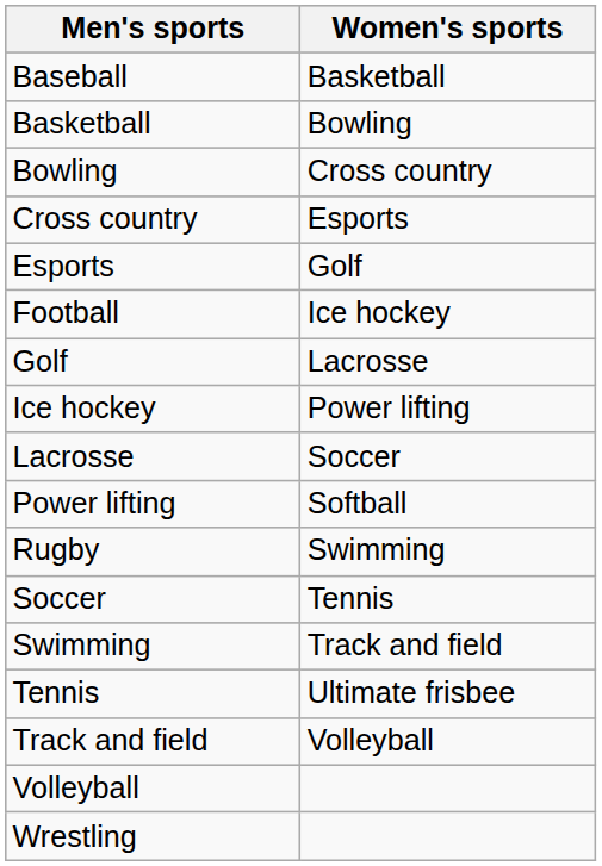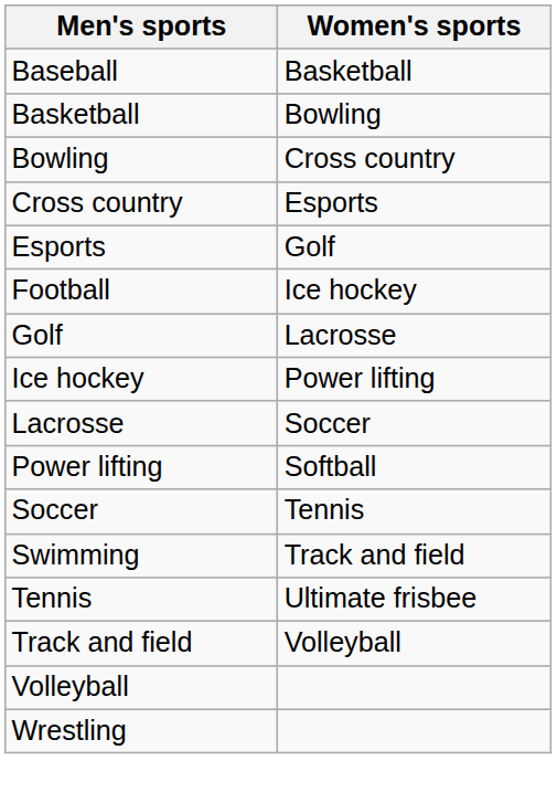 <table class="wikitable"; style= "text-align: ">
 <tr>
 <th width=150px>Men's sports</th>
 <th width=150px>Women's sports</th>
 </tr>
 <tr>
 <td>Baseball</td>
 <td>Basketball</td>
 </tr>
 <tr>
 <td>Basketball</td>
 <td>Bowling </td>
 </tr>
 <tr>
 <td>Bowling </td>
 <td>Cross country</td>
 </tr>
 <tr>
 <td>Cross country</td>
 <td>Esports </td>
 </tr>
 <tr>
 <td>Esports </td>
 <td>Golf</td>
 </tr>
 <tr>
 <td>Football</td>
 <td>Ice hockey </td>
 </tr>
 <tr>
 <td>Golf</td>
 <td>Lacrosse</td>
 </tr>
 <tr>
 <td>Ice hockey </td>
 <td>Power lifting </td>
 </tr>
 <tr>
 <td>Lacrosse</td>
 <td>Soccer</td>
 </tr>
 <tr>
 <td>Power lifting </td>
 <td>Softball</td>
 </tr>
 <tr>
-<td>Rugby </td>
-<td>Swimming</td>
-</tr>
-<tr>
 <td>Soccer</td>
 <td>Tennis</td>
 </tr>
 <tr>
 <td>Swimming</td>
 <td>Track and field</td>
 </tr>
 <tr>
 <td>Tennis</td>
 <td>Ultimate frisbee </td>
 </tr>
 <tr>
 <td>Track and field</td>
 <td>Volleyball</td>
 </tr>
 <tr>
 <td>Volleyball </td>
 <td></td>
 </tr>
 <tr>
 <td>Wrestling</td>
 <td></td>
 </tr>
 </table>
